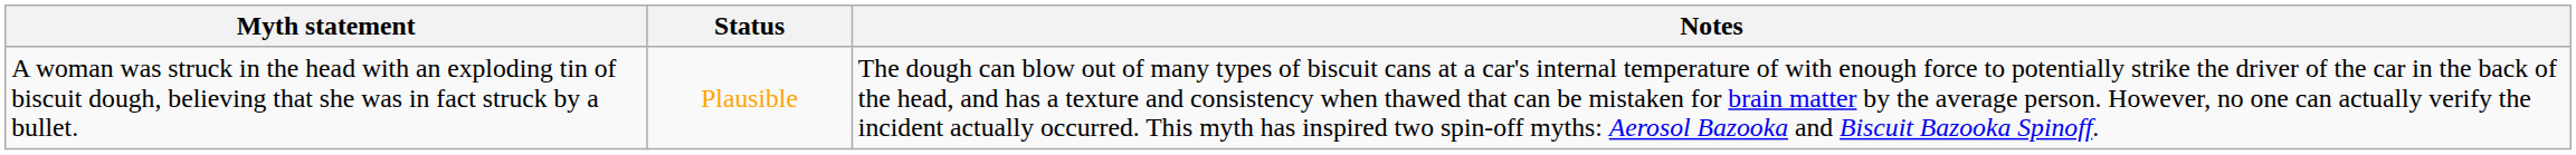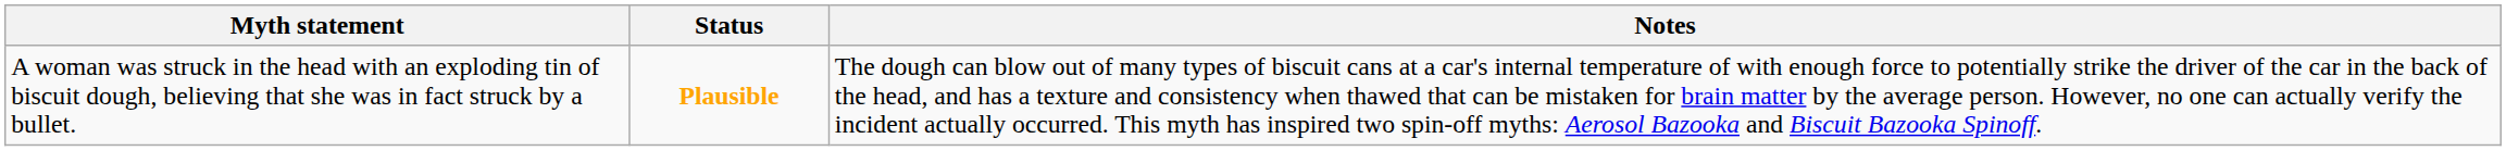 <table class="wikitable" style="width:98%;">
 <tr>
 <th style="width:25%;">Myth statement</th>
 <th style="width:8%;">Status</th>
 <th style="width:67%;">Notes</th>
 </tr>
 <tr>
 <td>A woman was struck in the head with an exploding tin of biscuit dough, believing that she was in fact struck by a bullet.</td>
-<td style="color:white; text-align:center; color:orange;">Plausible</td>
+<td style="color:white; text-align:center; color:orange;"><strong>Plausible</strong></td>
 <td>The dough can blow out of many types of biscuit cans at a car's internal temperature of  with enough force to potentially strike the driver of the car in the back of the head, and has a texture and consistency when thawed that can be mistaken for <a href='#'>brain matter</a> by the average person. However, no one can actually verify the incident actually occurred. This myth has inspired two spin-off myths: <em><a href='#'>Aerosol Bazooka</a></em> and <em><a href='#'>Biscuit Bazooka Spinoff</a></em>.</td>
 </tr>
 </table>
